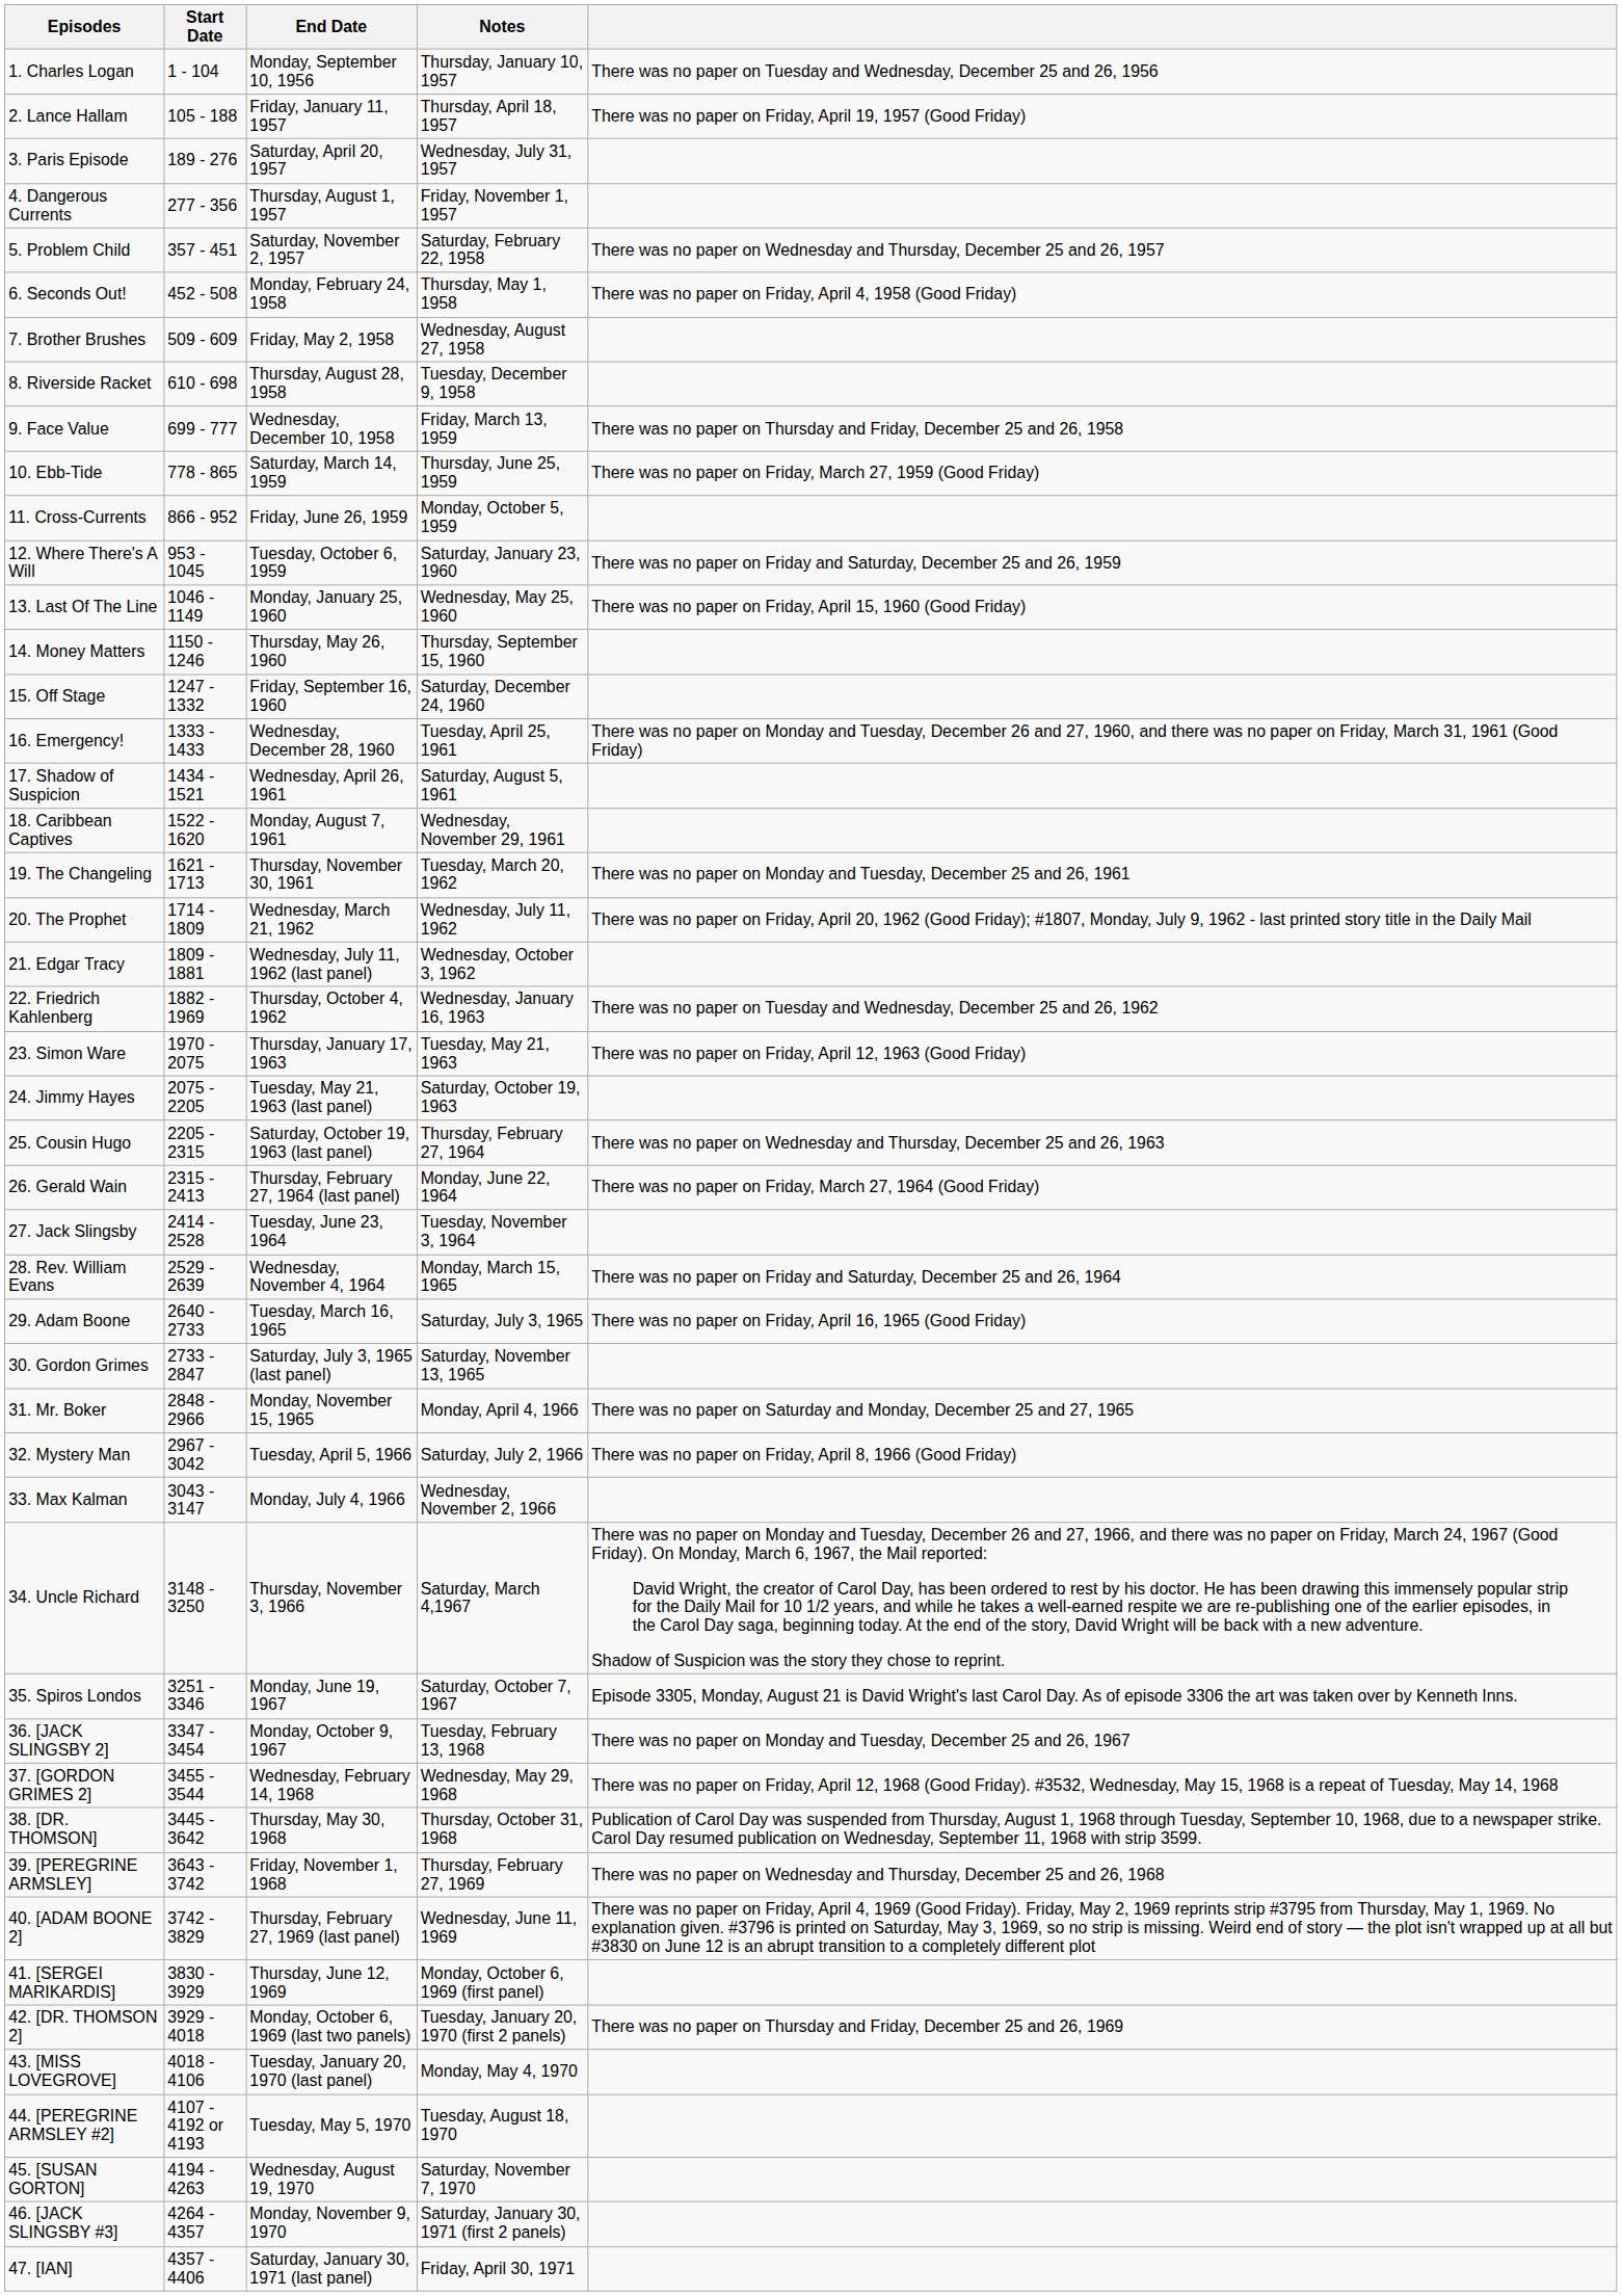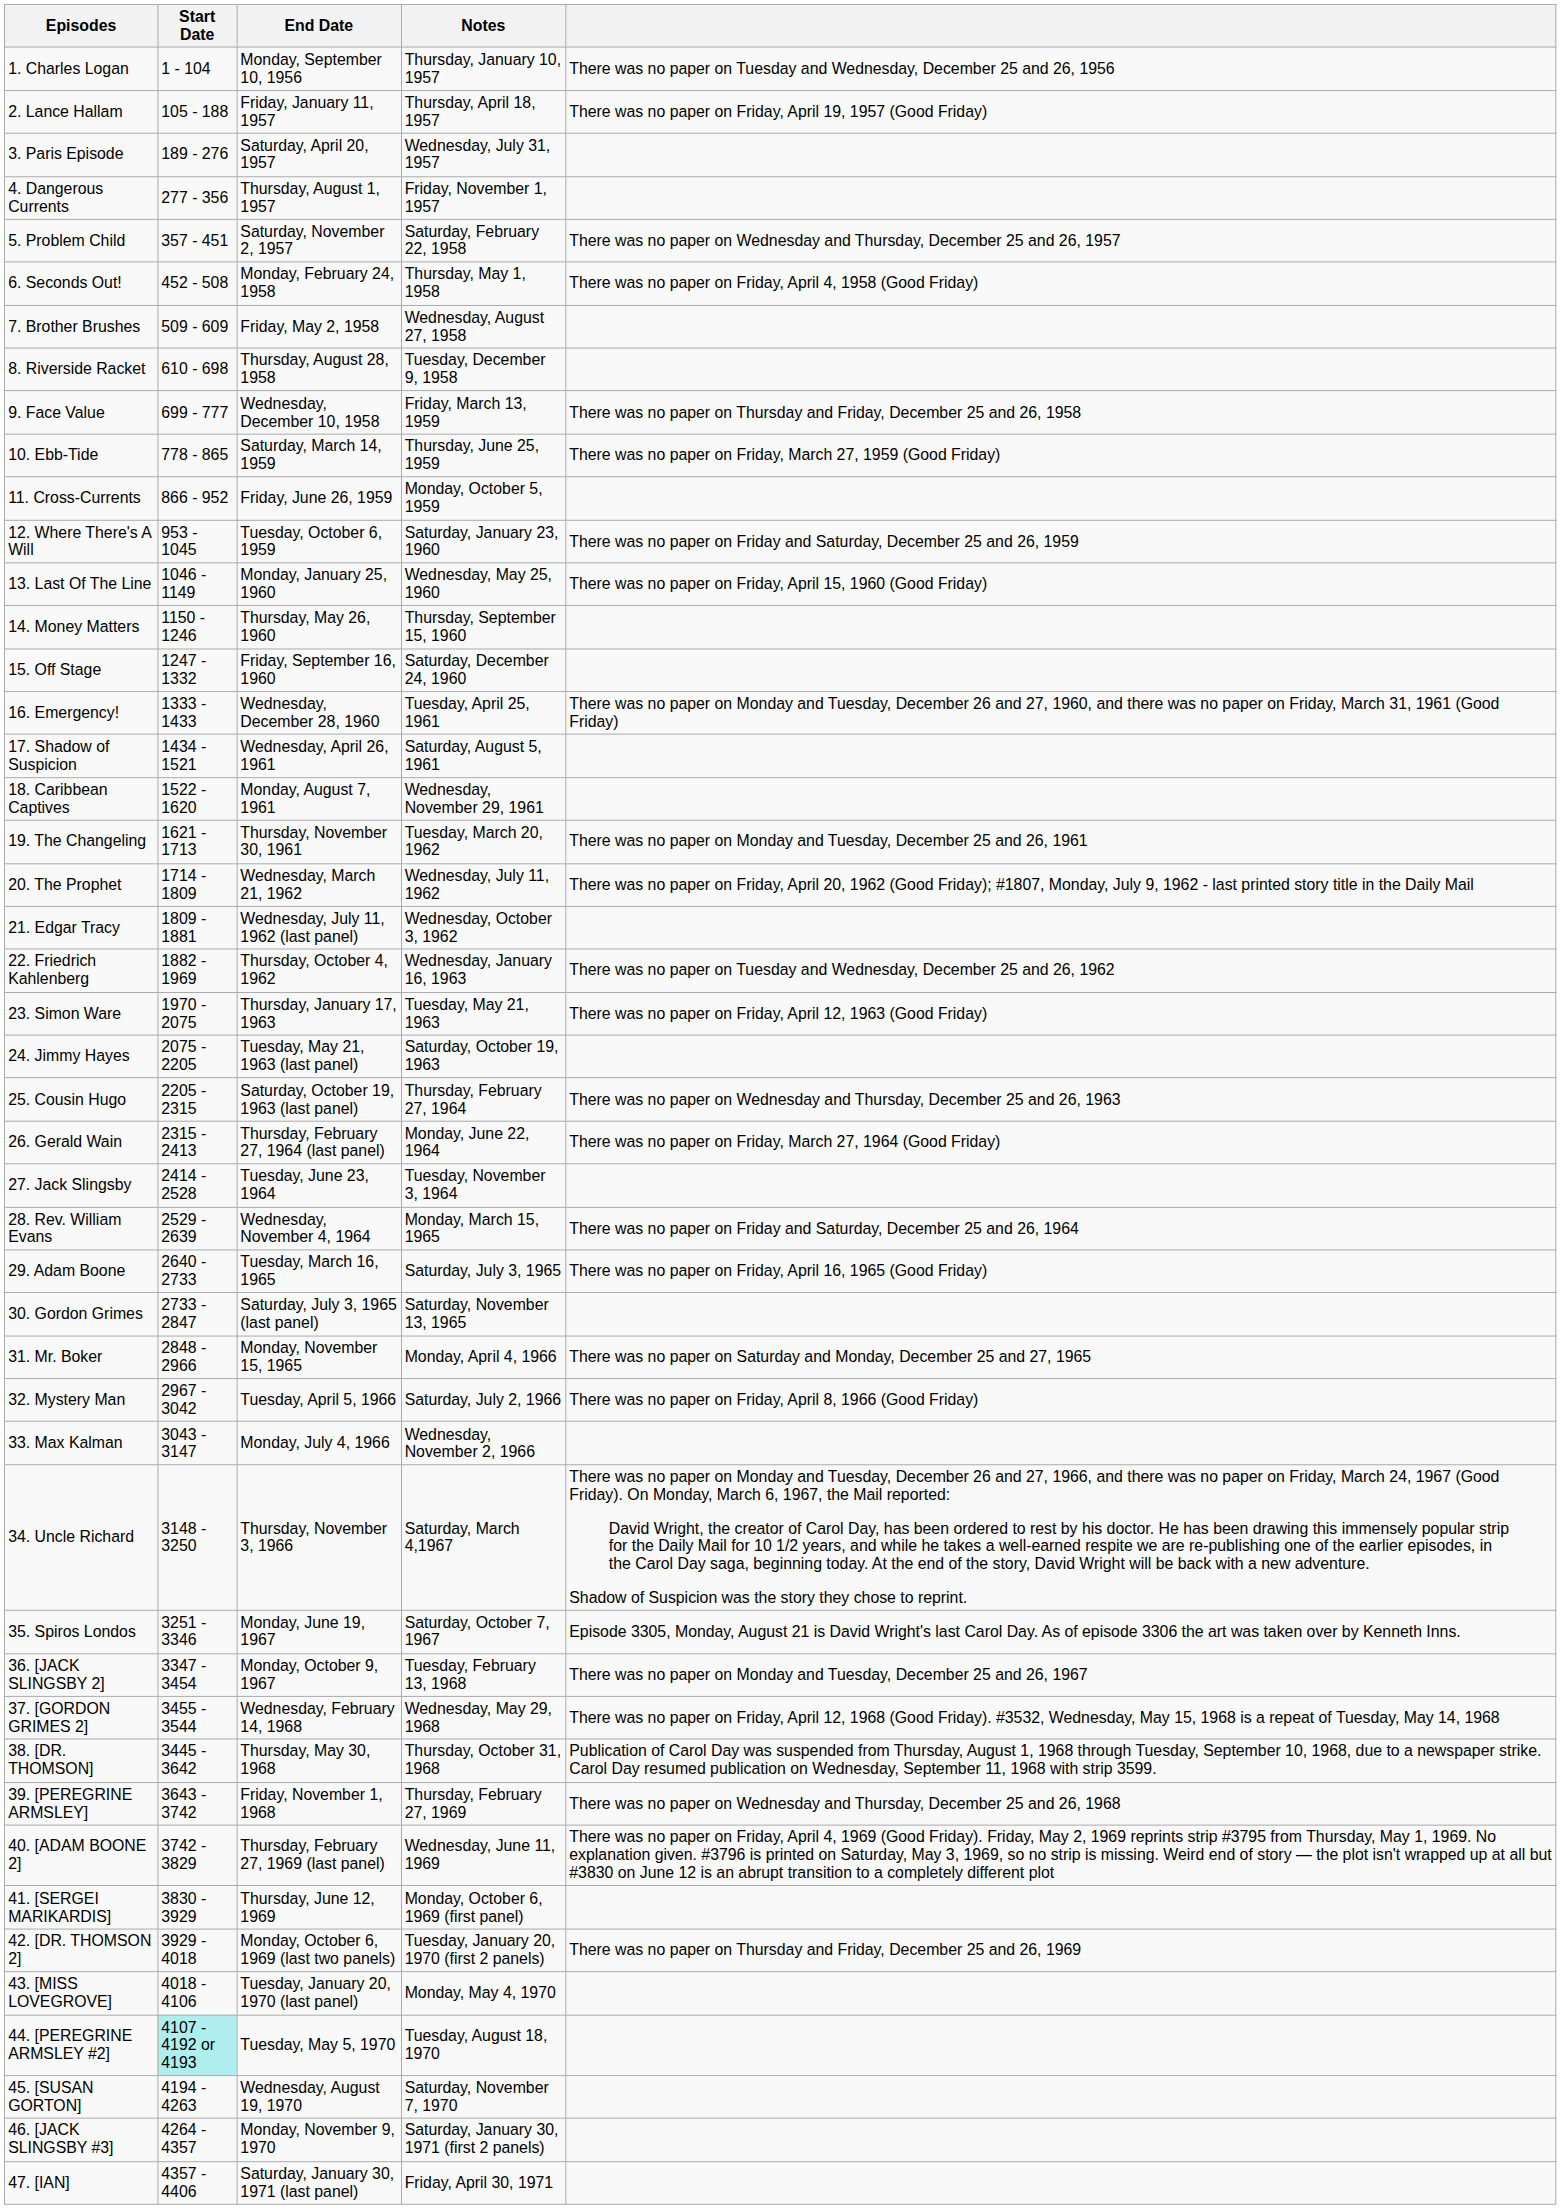 <table class="wikitable">
 <tr>
 <th>Episodes</th>
 <th>Start Date</th>
 <th>End Date</th>
 <th>Notes</th>
 <th></th>
 </tr>
 <tr>
 <td>1. Charles Logan</td>
 <td>1 - 104</td>
 <td>Monday, September 10, 1956</td>
 <td>Thursday, January 10, 1957</td>
 <td>There was no paper on Tuesday and Wednesday, December 25 and 26, 1956</td>
 </tr>
 <tr>
 <td>2. Lance Hallam</td>
 <td>105 - 188</td>
 <td>Friday, January 11, 1957</td>
 <td>Thursday, April 18, 1957</td>
 <td>There was no paper on Friday, April 19, 1957 (Good Friday)</td>
 </tr>
 <tr>
 <td>3. Paris Episode</td>
 <td>189 - 276</td>
 <td>Saturday, April 20, 1957</td>
 <td>Wednesday, July 31, 1957</td>
 <td></td>
 </tr>
 <tr>
 <td>4. Dangerous Currents</td>
 <td>277 - 356</td>
 <td>Thursday, August 1, 1957</td>
 <td>Friday, November 1, 1957</td>
 <td></td>
 </tr>
 <tr>
 <td>5. Problem Child</td>
 <td>357 - 451</td>
 <td>Saturday, November 2, 1957</td>
 <td>Saturday, February 22, 1958</td>
 <td>There was no paper on Wednesday and Thursday, December 25 and 26, 1957</td>
 </tr>
 <tr>
 <td>6. Seconds Out!</td>
 <td>452 - 508</td>
 <td>Monday, February 24, 1958</td>
 <td>Thursday, May 1, 1958</td>
 <td>There was no paper on Friday, April 4, 1958 (Good Friday)</td>
 </tr>
 <tr>
 <td>7. Brother Brushes</td>
 <td>509 - 609</td>
 <td>Friday, May 2, 1958</td>
 <td>Wednesday, August 27, 1958</td>
 <td></td>
 </tr>
 <tr>
 <td>8. Riverside Racket</td>
 <td>610 - 698</td>
 <td>Thursday, August 28, 1958</td>
 <td>Tuesday, December 9, 1958</td>
 <td></td>
 </tr>
 <tr>
 <td>9. Face Value</td>
 <td>699 - 777</td>
 <td>Wednesday, December 10, 1958</td>
 <td>Friday, March 13, 1959</td>
 <td>There was no paper on Thursday and Friday, December 25 and 26, 1958</td>
 </tr>
 <tr>
 <td>10. Ebb-Tide</td>
 <td>778 - 865</td>
 <td>Saturday, March 14, 1959</td>
 <td>Thursday, June 25, 1959</td>
 <td>There was no paper on Friday, March 27, 1959 (Good Friday)</td>
 </tr>
 <tr>
 <td>11. Cross-Currents</td>
 <td>866 - 952</td>
 <td>Friday, June 26, 1959</td>
 <td>Monday, October 5, 1959</td>
 <td></td>
 </tr>
 <tr>
 <td>12. Where There's A Will</td>
 <td>953 - 1045</td>
 <td>Tuesday, October 6, 1959</td>
 <td>Saturday, January 23, 1960</td>
 <td>There was no paper on Friday and Saturday, December 25 and 26, 1959</td>
 </tr>
 <tr>
 <td>13. Last Of The Line</td>
 <td>1046 - 1149</td>
 <td>Monday, January 25, 1960</td>
 <td>Wednesday, May 25, 1960</td>
 <td>There was no paper on Friday, April 15, 1960 (Good Friday)</td>
 </tr>
 <tr>
 <td>14. Money Matters</td>
 <td>1150 - 1246</td>
 <td>Thursday, May 26, 1960</td>
 <td>Thursday, September 15, 1960</td>
 <td></td>
 </tr>
 <tr>
 <td>15. Off Stage</td>
 <td>1247 - 1332</td>
 <td>Friday, September 16, 1960</td>
 <td>Saturday, December 24, 1960</td>
 <td></td>
 </tr>
 <tr>
 <td>16. Emergency!</td>
 <td>1333 - 1433</td>
 <td>Wednesday, December 28, 1960</td>
 <td>Tuesday, April 25, 1961</td>
 <td>There was no paper on Monday and Tuesday, December 26 and 27, 1960, and there was no paper on Friday, March 31, 1961 (Good Friday)</td>
 </tr>
 <tr>
 <td>17. Shadow of Suspicion</td>
 <td>1434 - 1521</td>
 <td>Wednesday, April 26, 1961</td>
 <td>Saturday, August 5, 1961</td>
 <td></td>
 </tr>
 <tr>
 <td>18. Caribbean Captives</td>
 <td>1522 - 1620</td>
 <td>Monday, August 7, 1961</td>
 <td>Wednesday, November 29, 1961</td>
 <td></td>
 </tr>
 <tr>
 <td>19. The Changeling</td>
 <td>1621 - 1713</td>
 <td>Thursday, November 30, 1961</td>
 <td>Tuesday, March 20, 1962</td>
 <td>There was no paper on Monday and Tuesday, December 25 and 26, 1961</td>
 </tr>
 <tr>
 <td>20. The Prophet</td>
 <td>1714 - 1809</td>
 <td>Wednesday, March 21, 1962</td>
 <td>Wednesday, July 11, 1962</td>
 <td>There was no paper on Friday, April 20, 1962 (Good Friday); #1807, Monday, July 9, 1962 - last printed story title in the Daily Mail</td>
 </tr>
 <tr>
 <td>21. Edgar Tracy</td>
 <td>1809 - 1881</td>
 <td>Wednesday, July 11, 1962 (last panel)</td>
 <td>Wednesday, October 3, 1962</td>
 <td></td>
 </tr>
 <tr>
 <td>22. Friedrich Kahlenberg</td>
 <td>1882 - 1969</td>
 <td>Thursday, October 4, 1962</td>
 <td>Wednesday, January 16, 1963</td>
 <td>There was no paper on Tuesday and Wednesday, December 25 and 26, 1962</td>
 </tr>
 <tr>
 <td>23. Simon Ware</td>
 <td>1970 - 2075</td>
 <td>Thursday, January 17, 1963</td>
 <td>Tuesday, May 21, 1963</td>
 <td>There was no paper on Friday, April 12, 1963 (Good Friday)</td>
 </tr>
 <tr>
 <td>24. Jimmy Hayes</td>
 <td>2075 - 2205</td>
 <td>Tuesday, May 21, 1963 (last panel)</td>
 <td>Saturday, October 19, 1963</td>
 <td></td>
 </tr>
 <tr>
 <td>25. Cousin Hugo</td>
 <td>2205 - 2315</td>
 <td>Saturday, October 19, 1963 (last panel)</td>
 <td>Thursday, February 27, 1964</td>
 <td>There was no paper on Wednesday and Thursday, December 25 and 26, 1963</td>
 </tr>
 <tr>
 <td>26. Gerald Wain</td>
 <td>2315 - 2413</td>
 <td>Thursday, February 27, 1964 (last panel)</td>
 <td>Monday, June 22, 1964</td>
 <td>There was no paper on Friday, March 27, 1964 (Good Friday)</td>
 </tr>
 <tr>
 <td>27. Jack Slingsby</td>
 <td>2414 - 2528</td>
 <td>Tuesday, June 23, 1964</td>
 <td>Tuesday, November 3, 1964</td>
 <td></td>
 </tr>
 <tr>
 <td>28. Rev. William Evans</td>
 <td>2529 - 2639</td>
 <td>Wednesday, November 4, 1964</td>
 <td>Monday, March 15, 1965</td>
 <td>There was no paper on Friday and Saturday, December 25 and 26, 1964</td>
 </tr>
 <tr>
 <td>29. Adam Boone</td>
 <td>2640 - 2733</td>
 <td>Tuesday, March 16, 1965</td>
 <td>Saturday, July 3, 1965</td>
 <td>There was no paper on Friday, April 16, 1965 (Good Friday)</td>
 </tr>
 <tr>
 <td>30. Gordon Grimes</td>
 <td>2733 - 2847</td>
 <td>Saturday, July 3, 1965 (last panel)</td>
 <td>Saturday, November 13, 1965</td>
 <td></td>
 </tr>
 <tr>
 <td>31. Mr. Boker</td>
 <td>2848 - 2966</td>
 <td>Monday, November 15, 1965</td>
 <td>Monday, April 4, 1966</td>
 <td>There was no paper on Saturday and Monday, December 25 and 27, 1965</td>
 </tr>
 <tr>
 <td>32. Mystery Man</td>
 <td>2967 - 3042</td>
 <td>Tuesday, April 5, 1966</td>
 <td>Saturday, July 2, 1966</td>
 <td>There was no paper on Friday, April 8, 1966 (Good Friday)</td>
 </tr>
 <tr>
 <td>33. Max Kalman</td>
 <td>3043 - 3147</td>
 <td>Monday, July 4, 1966</td>
 <td>Wednesday, November 2, 1966</td>
 <td></td>
 </tr>
 <tr>
 <td>34. Uncle Richard</td>
 <td>3148 - 3250</td>
 <td>Thursday, November 3, 1966</td>
 <td>Saturday, March 4,1967</td>
 <td>There was no paper on Monday and Tuesday, December 26 and 27, 1966, and there was no paper on Friday, March 24, 1967 (Good Friday). On Monday, March 6, 1967, the Mail reported:<blockquote>David Wright, the creator of Carol Day, has been ordered to rest by his doctor. He has been drawing this immensely popular strip for the Daily Mail for 10 1/2 years, and while he takes a well-earned respite we are re-publishing one of the earlier episodes, in the Carol Day saga, beginning today. At the end of the story, David Wright will be back with a new adventure.</blockquote>Shadow of Suspicion was the story they chose to reprint.</td>
 </tr>
 <tr>
 <td>35. Spiros Londos</td>
 <td>3251 - 3346</td>
 <td>Monday, June 19, 1967</td>
 <td>Saturday, October 7, 1967</td>
 <td>Episode 3305, Monday, August 21 is David Wright's last Carol Day. As of episode 3306 the art was taken over by Kenneth Inns.</td>
 </tr>
 <tr>
 <td>36. [JACK SLINGSBY 2]</td>
 <td>3347 - 3454</td>
 <td>Monday, October 9, 1967</td>
 <td>Tuesday, February 13, 1968</td>
 <td>There was no paper on Monday and Tuesday, December 25 and 26, 1967</td>
 </tr>
 <tr>
 <td>37. [GORDON GRIMES 2]</td>
 <td>3455 - 3544</td>
 <td>Wednesday, February 14, 1968</td>
 <td>Wednesday, May 29, 1968</td>
 <td>There was no paper on Friday, April 12, 1968 (Good Friday). #3532, Wednesday, May 15, 1968 is a repeat of Tuesday, May 14, 1968</td>
 </tr>
 <tr>
 <td>38. [DR. THOMSON]</td>
 <td>3445 - 3642</td>
 <td>Thursday, May 30, 1968</td>
 <td>Thursday, October 31, 1968</td>
 <td>Publication of Carol Day was suspended from Thursday, August 1, 1968 through Tuesday, September 10, 1968, due to a newspaper strike. Carol Day resumed publication on Wednesday, September 11, 1968 with strip 3599.</td>
 </tr>
 <tr>
 <td>39. [PEREGRINE ARMSLEY]</td>
 <td>3643 - 3742</td>
 <td>Friday, November 1, 1968</td>
 <td>Thursday, February 27, 1969</td>
 <td>There was no paper on Wednesday and Thursday, December 25 and 26, 1968</td>
 </tr>
 <tr>
 <td>40. [ADAM BOONE 2]</td>
 <td>3742 - 3829</td>
 <td>Thursday, February 27, 1969 (last panel)</td>
 <td>Wednesday, June 11, 1969</td>
 <td>There was no paper on Friday, April 4, 1969 (Good Friday). Friday, May 2, 1969 reprints strip #3795 from Thursday, May 1, 1969. No explanation given. #3796 is printed on Saturday, May 3, 1969, so no strip is missing. Weird end of story — the plot isn't wrapped up at all but #3830 on June 12 is an abrupt transition to a completely different plot</td>
 </tr>
 <tr>
 <td>41. [SERGEI MARIKARDIS]</td>
 <td>3830 - 3929</td>
 <td>Thursday, June 12, 1969</td>
 <td>Monday, October 6, 1969 (first panel)</td>
 <td></td>
 </tr>
 <tr>
 <td>42. [DR. THOMSON 2]</td>
 <td>3929 - 4018</td>
 <td>Monday, October 6, 1969 (last two panels)</td>
 <td>Tuesday, January 20, 1970 (first 2 panels)</td>
 <td>There was no paper on Thursday and Friday, December 25 and 26, 1969</td>
 </tr>
 <tr>
 <td>43. [MISS LOVEGROVE]</td>
 <td>4018 - 4106</td>
 <td>Tuesday, January 20, 1970 (last panel)</td>
 <td>Monday, May 4, 1970</td>
 <td></td>
 </tr>
 <tr>
 <td>44. [PEREGRINE ARMSLEY #2]</td>
-<td>4107 - 4192 or 4193</td>
+<td style="background: paleturquoise;">4107 - 4192 or 4193</td>
 <td>Tuesday, May 5, 1970</td>
 <td>Tuesday, August 18, 1970</td>
 <td></td>
 </tr>
 <tr>
 <td>45. [SUSAN GORTON]</td>
 <td>4194 - 4263</td>
 <td>Wednesday, August 19, 1970</td>
 <td>Saturday, November 7, 1970</td>
 <td></td>
 </tr>
 <tr>
 <td>46. [JACK SLINGSBY #3]</td>
 <td>4264 - 4357</td>
 <td>Monday, November 9, 1970</td>
 <td>Saturday, January 30, 1971 (first 2 panels)</td>
 <td></td>
 </tr>
 <tr>
 <td>47. [IAN]</td>
 <td>4357 - 4406</td>
 <td>Saturday, January 30, 1971 (last panel)</td>
 <td>Friday, April 30, 1971</td>
 <td></td>
 </tr>
 </table>
